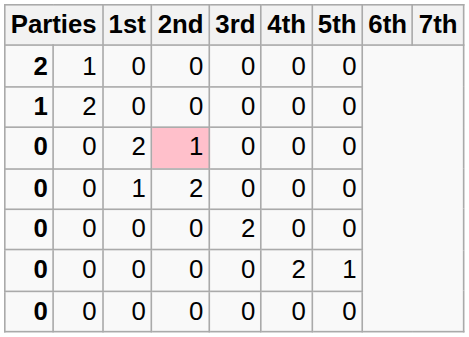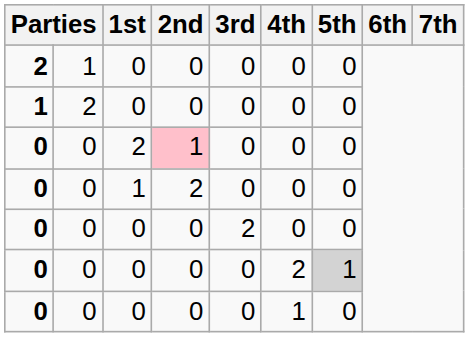 <table class="wikitable" style="text-align:right;">
 <tr>
 <th colspan=2 style="text-align:left;">Parties</th>
 <th>1st</th>
 <th>2nd</th>
 <th>3rd</th>
 <th>4th</th>
 <th>5th</th>
 <th>6th</th>
 <th>7th</th>
 </tr>
 <tr>
 <td><strong>2</strong></td>
 <td>1</td>
 <td>0</td>
 <td>0</td>
 <td>0</td>
 <td>0</td>
 <td>0</td>
 </tr>
 <tr>
 <td><strong>1</strong></td>
 <td>2</td>
 <td>0</td>
 <td>0</td>
 <td>0</td>
 <td>0</td>
 <td>0</td>
 </tr>
 <tr>
 <td><strong>0</strong></td>
 <td>0</td>
 <td>2</td>
 <td style="background: pink;">1</td>
 <td>0</td>
 <td>0</td>
 <td>0</td>
 </tr>
 <tr>
 <td><strong>0</strong></td>
 <td>0</td>
 <td>1</td>
 <td>2</td>
 <td>0</td>
 <td>0</td>
 <td>0</td>
 </tr>
 <tr>
 <td><strong>0</strong></td>
 <td>0</td>
 <td>0</td>
 <td>0</td>
 <td>2</td>
 <td>0</td>
 <td>0</td>
 </tr>
 <tr>
 <td><strong>0</strong></td>
 <td>0</td>
 <td>0</td>
 <td>0</td>
 <td>0</td>
 <td>2</td>
-<td>1</td>
+<td style="background: lightgrey;">1</td>
 </tr>
 <tr>
 <td><strong>0</strong></td>
 <td>0</td>
 <td>0</td>
 <td>0</td>
 <td>0</td>
-<td>0</td>
+<td>1</td>
 <td>0</td>
 </tr>
 </table>
